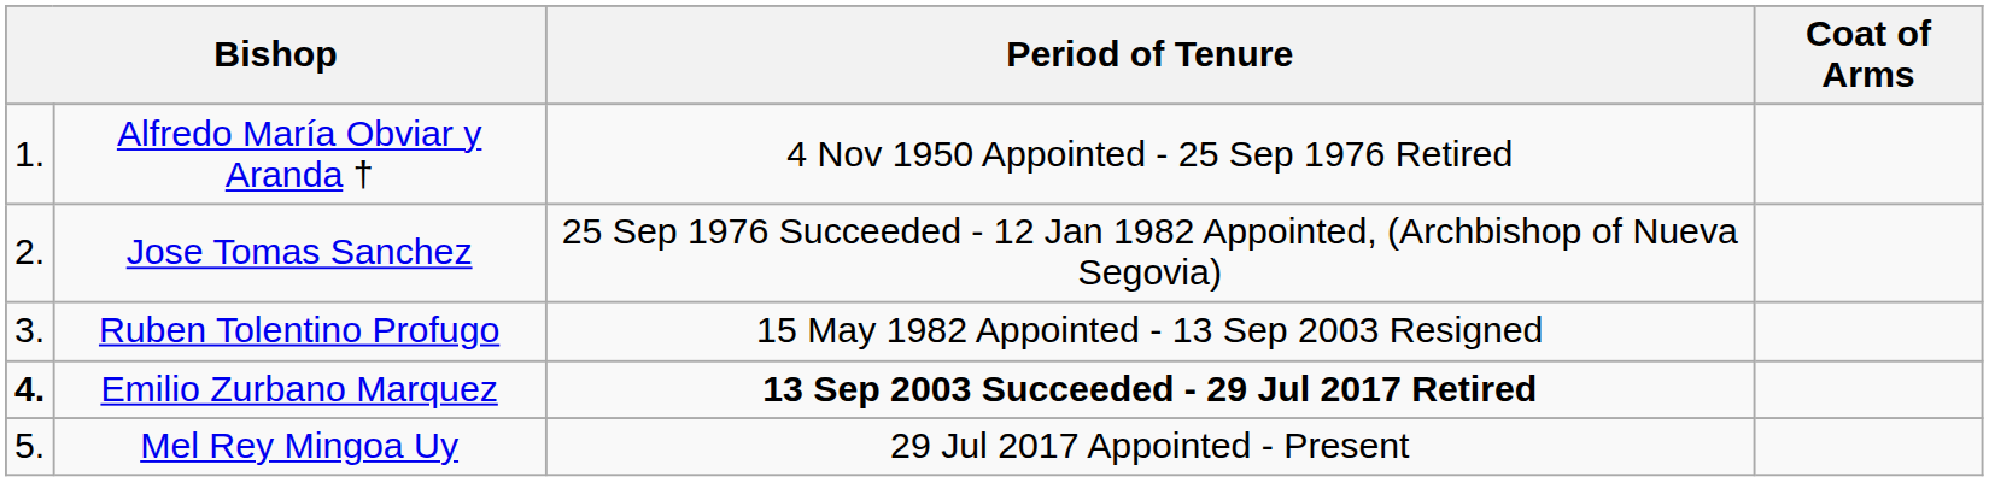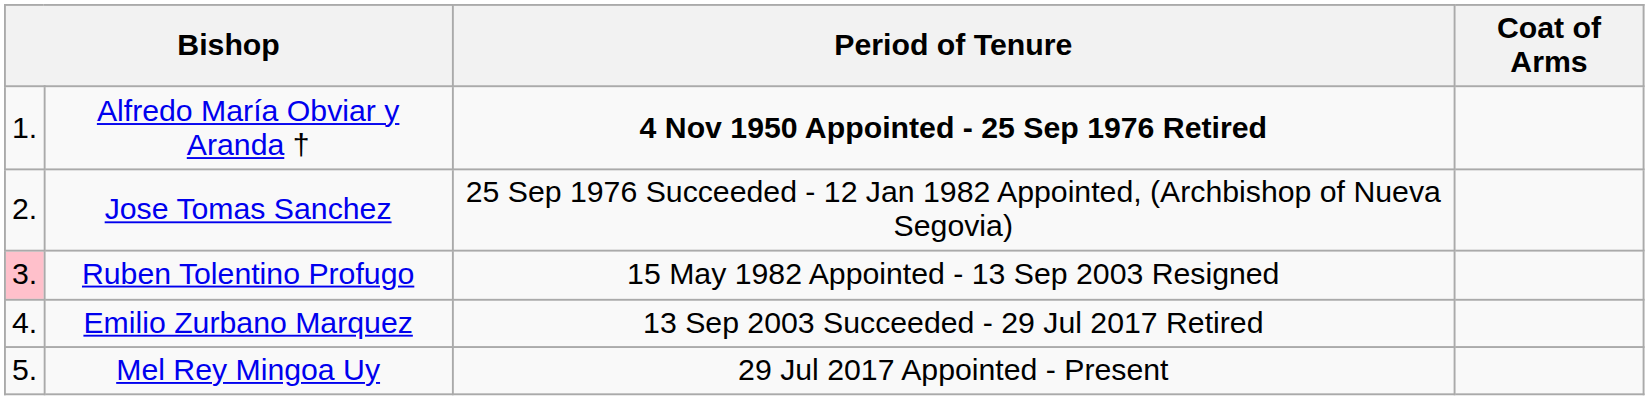 <table class="wikitable" style="text-align:center;">
 <tr>
 <th colspan=2>Bishop</th>
 <th>Period of Tenure</th>
 <th>Coat of Arms</th>
 </tr>
 <tr>
 <td>1.</td>
 <td><a href='#'>Alfredo María Obviar y Aranda</a> †</td>
-<td>4 Nov 1950 Appointed - 25 Sep 1976 Retired</td>
+<td><strong>4 Nov 1950 Appointed - 25 Sep 1976 Retired</strong></td>
 <td></td>
 </tr>
 <tr>
 <td>2.</td>
 <td><a href='#'>Jose Tomas Sanchez</a></td>
 <td>25 Sep 1976 Succeeded - 12 Jan 1982 Appointed, (Archbishop of Nueva Segovia)</td>
 <td></td>
 </tr>
 <tr>
-<td>3.</td>
+<td style="background: pink;">3.</td>
 <td><a href='#'>Ruben Tolentino Profugo</a></td>
 <td>15 May 1982 Appointed - 13 Sep 2003 Resigned</td>
 <td></td>
 </tr>
 <tr>
-<td><strong>4.</strong></td>
+<td>4.</td>
 <td><a href='#'>Emilio Zurbano Marquez</a></td>
-<td><strong>13 Sep 2003 Succeeded - 29 Jul 2017 Retired</strong></td>
+<td>13 Sep 2003 Succeeded - 29 Jul 2017 Retired</td>
 <td></td>
 </tr>
 <tr>
 <td>5.</td>
 <td><a href='#'>Mel Rey Mingoa Uy</a></td>
 <td>29 Jul 2017 Appointed - Present</td>
 <td></td>
 </tr>
 </table>
